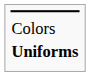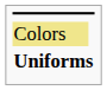 <table class="infobox">
 <tr>
 <th colspan=2 style="background:#000000; color:#FFFFFF; "><big></big></th>
 </tr>
 <tr>
 <td style="text-align:center;" colspan="2"></td>
 </tr>
 <tr>
-<td>Colors</td>
+<td style="background: khaki;">Colors</td>
 <td>   </td>
 </tr>
 <tr>
 <th colspan=2>Uniforms</th>
 </tr>
 <tr>
 <td></td>
 <td></td>
 </tr>
 </table>
